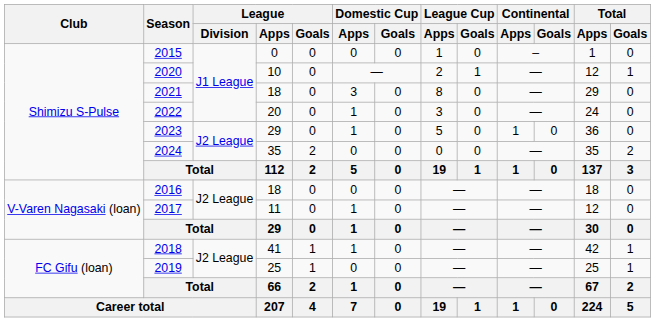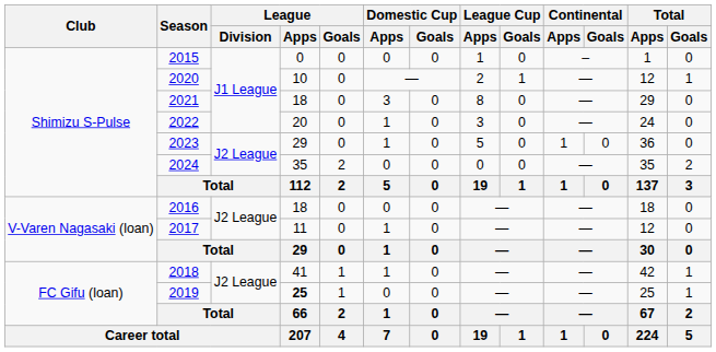 <table class="wikitable" style="text-align: center;">
 <tr>
 <th rowspan="2">Club</th>
 <th rowspan="2">Season</th>
 <th colspan="3">League</th>
 <th colspan="2">Domestic Cup</th>
 <th colspan="2">League Cup</th>
 <th colspan="2">Continental</th>
 <th colspan="2">Total</th>
 </tr>
 <tr>
 <th>Division</th>
 <th>Apps</th>
 <th>Goals</th>
 <th>Apps</th>
 <th>Goals</th>
 <th>Apps</th>
 <th>Goals</th>
 <th>Apps</th>
 <th>Goals</th>
 <th>Apps</th>
 <th>Goals</th>
 </tr>
 <tr>
 <td rowspan="7"><a href='#'>Shimizu S-Pulse</a></td>
 <td><a href='#'>2015</a></td>
 <td rowspan="4"><a href='#'>J1 League</a></td>
 <td>0</td>
 <td>0</td>
 <td>0</td>
 <td>0</td>
 <td>1</td>
 <td>0</td>
 <td colspan="2">–</td>
 <td>1</td>
 <td>0</td>
 </tr>
 <tr>
 <td><a href='#'>2020</a></td>
 <td>10</td>
 <td>0</td>
 <td colspan="2">—</td>
 <td>2</td>
 <td>1</td>
 <td colspan="2">—</td>
 <td>12</td>
 <td>1</td>
 </tr>
 <tr>
 <td><a href='#'>2021</a></td>
 <td>18</td>
 <td>0</td>
 <td>3</td>
 <td>0</td>
 <td>8</td>
 <td>0</td>
 <td colspan="2">—</td>
 <td>29</td>
 <td>0</td>
 </tr>
 <tr>
 <td><a href='#'>2022</a></td>
 <td>20</td>
 <td>0</td>
 <td>1</td>
 <td>0</td>
 <td>3</td>
 <td>0</td>
 <td colspan="2">—</td>
 <td>24</td>
 <td>0</td>
 </tr>
 <tr>
 <td><a href='#'>2023</a></td>
 <td rowspan="2"><a href='#'>J2 League</a></td>
 <td>29</td>
 <td>0</td>
 <td>1</td>
 <td>0</td>
 <td>5</td>
 <td>0</td>
 <td>1</td>
 <td>0</td>
 <td>36</td>
 <td>0</td>
 </tr>
 <tr>
 <td><a href='#'>2024</a></td>
 <td>35</td>
 <td>2</td>
 <td>0</td>
 <td>0</td>
 <td>0</td>
 <td>0</td>
 <td colspan="2">—</td>
 <td>35</td>
 <td>2</td>
 </tr>
 <tr>
 <th colspan="2">Total</th>
 <th>112</th>
 <th>2</th>
 <th>5</th>
 <th>0</th>
 <th>19</th>
 <th>1</th>
 <th>1</th>
 <th>0</th>
 <th>137</th>
 <th>3</th>
 </tr>
 <tr>
 <td rowspan="3"><a href='#'>V-Varen Nagasaki</a> (loan)</td>
 <td><a href='#'>2016</a></td>
 <td rowspan="2">J2 League</td>
 <td>18</td>
 <td>0</td>
 <td>0</td>
 <td>0</td>
 <td colspan="2">—</td>
 <td colspan="2">—</td>
 <td>18</td>
 <td>0</td>
 </tr>
 <tr>
 <td><a href='#'>2017</a></td>
 <td>11</td>
 <td>0</td>
 <td>1</td>
 <td>0</td>
 <td colspan="2">—</td>
 <td colspan="2">—</td>
 <td>12</td>
 <td>0</td>
 </tr>
 <tr>
 <th colspan="2">Total</th>
 <th>29</th>
 <th>0</th>
 <th>1</th>
 <th>0</th>
 <th colspan="2">—</th>
 <th colspan="2">—</th>
 <th>30</th>
 <th>0</th>
 </tr>
 <tr>
 <td rowspan="3"><a href='#'>FC Gifu</a> (loan)</td>
 <td><a href='#'>2018</a></td>
 <td rowspan="2">J2 League</td>
 <td>41</td>
 <td>1</td>
 <td>1</td>
 <td>0</td>
 <td colspan="2">—</td>
 <td colspan="2">—</td>
 <td>42</td>
 <td>1</td>
 </tr>
 <tr>
 <td><a href='#'>2019</a></td>
-<td>25</td>
+<td><strong>25</strong></td>
 <td>1</td>
 <td>0</td>
 <td>0</td>
 <td colspan="2">—</td>
 <td colspan="2">—</td>
 <td>25</td>
 <td>1</td>
 </tr>
 <tr>
 <th colspan="2">Total</th>
 <th>66</th>
 <th>2</th>
 <th>1</th>
 <th>0</th>
 <th colspan="2">—</th>
 <th colspan="2">—</th>
 <th>67</th>
 <th>2</th>
 </tr>
 <tr>
 <th colspan="3">Career total</th>
 <th>207</th>
 <th>4</th>
 <th>7</th>
 <th>0</th>
 <th>19</th>
 <th>1</th>
 <th>1</th>
 <th>0</th>
 <th>224</th>
 <th>5</th>
 </tr>
 </table>
